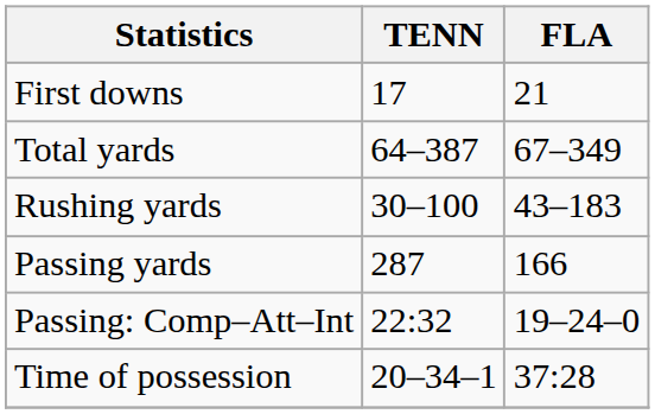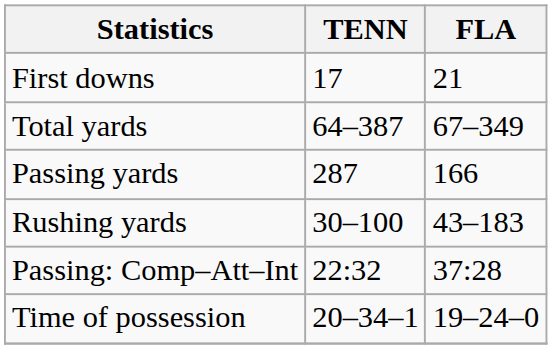 <table class="wikitable" style="float: left;">
 <tr>
 <th>Statistics</th>
 <th>TENN</th>
 <th>FLA</th>
 </tr>
 <tr>
 <td>First downs</td>
 <td>17</td>
 <td>21</td>
 </tr>
 <tr>
 <td>Total yards</td>
 <td>64–387</td>
 <td>67–349</td>
 </tr>
 <tr>
+<td>Passing yards</td>
+<td>287</td>
+<td>166</td>
+</tr>
+<tr>
 <td>Rushing yards</td>
 <td>30–100</td>
 <td>43–183</td>
 </tr>
 <tr>
-<td>Passing yards</td>
-<td>287</td>
-<td>166</td>
-</tr>
-<tr>
 <td>Passing: Comp–Att–Int</td>
 <td>22:32</td>
-<td>19–24–0</td>
+<td>37:28</td>
 </tr>
 <tr>
 <td>Time of possession</td>
 <td>20–34–1</td>
-<td>37:28</td>
+<td>19–24–0</td>
 </tr>
 <tr>
 </tr>
 </table>
